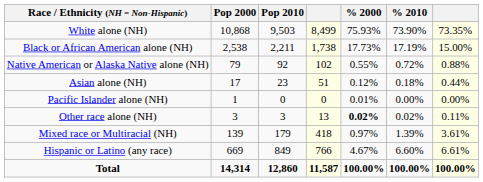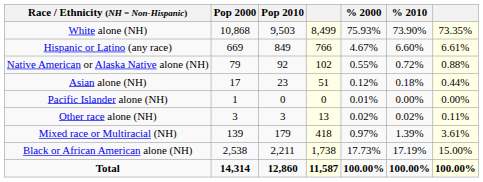 <table class="wikitable" style="text-align:center;">
 <tr>
 <th>Race / Ethnicity <small>(<em>NH = Non-Hispanic</em>)</small></th>
 <th>Pop 2000</th>
 <th>Pop 2010</th>
 <th></th>
 <th>% 2000</th>
 <th>% 2010</th>
 <th></th>
 </tr>
 <tr>
 <td><a href='#'>White</a> alone (NH)</td>
 <td>10,868</td>
 <td>9,503</td>
 <td style='background: #ffffe6;'>8,499</td>
 <td>75.93%</td>
 <td>73.90%</td>
 <td style='background: #ffffe6;'>73.35%</td>
 </tr>
 <tr>
-<td><a href='#'>Black or African American</a> alone (NH)</td>
-<td>2,538</td>
-<td>2,211</td>
-<td style='background: #ffffe6;'>1,738</td>
-<td>17.73%</td>
-<td>17.19%</td>
-<td style='background: #ffffe6;'>15.00%</td>
+<td><a href='#'>Hispanic or Latino</a> (any race)</td>
+<td>669</td>
+<td>849</td>
+<td style='background: #ffffe6;'>766</td>
+<td>4.67%</td>
+<td>6.60%</td>
+<td style='background: #ffffe6;'>6.61%</td>
 </tr>
 <tr>
 <td><a href='#'>Native American</a> or <a href='#'>Alaska Native</a> alone (NH)</td>
 <td>79</td>
 <td>92</td>
 <td style='background: #ffffe6;'>102</td>
 <td>0.55%</td>
 <td>0.72%</td>
 <td style='background: #ffffe6;'>0.88%</td>
 </tr>
 <tr>
 <td><a href='#'>Asian</a> alone (NH)</td>
 <td>17</td>
 <td>23</td>
 <td style='background: #ffffe6;'>51</td>
 <td>0.12%</td>
 <td>0.18%</td>
 <td style='background: #ffffe6;'>0.44%</td>
 </tr>
 <tr>
 <td><a href='#'>Pacific Islander</a> alone (NH)</td>
 <td>1</td>
 <td>0</td>
 <td style='background: #ffffe6;'>0</td>
 <td>0.01%</td>
 <td>0.00%</td>
 <td style='background: #ffffe6;'>0.00%</td>
 </tr>
 <tr>
 <td><a href='#'>Other race</a> alone (NH)</td>
 <td>3</td>
 <td>3</td>
 <td style='background: #ffffe6;'>13</td>
-<td><strong>0.02%</strong></td>
+<td>0.02%</td>
 <td>0.02%</td>
 <td style='background: #ffffe6;'>0.11%</td>
 </tr>
 <tr>
 <td><a href='#'>Mixed race or Multiracial</a> (NH)</td>
 <td>139</td>
 <td>179</td>
 <td style='background: #ffffe6;'>418</td>
 <td>0.97%</td>
 <td>1.39%</td>
 <td style='background: #ffffe6;'>3.61%</td>
 </tr>
 <tr>
-<td><a href='#'>Hispanic or Latino</a> (any race)</td>
-<td>669</td>
-<td>849</td>
-<td style='background: #ffffe6;'>766</td>
-<td>4.67%</td>
-<td>6.60%</td>
-<td style='background: #ffffe6;'>6.61%</td>
+<td><a href='#'>Black or African American</a> alone (NH)</td>
+<td>2,538</td>
+<td>2,211</td>
+<td style='background: #ffffe6;'>1,738</td>
+<td>17.73%</td>
+<td>17.19%</td>
+<td style='background: #ffffe6;'>15.00%</td>
 </tr>
 <tr>
 <td><strong>Total</strong></td>
 <td><strong>14,314</strong></td>
 <td><strong>12,860</strong></td>
 <td style='background: #ffffe6;'><strong>11,587</strong></td>
 <td><strong>100.00%</strong></td>
 <td><strong>100.00%</strong></td>
 <td style='background: #ffffe6;'><strong>100.00%</strong></td>
 </tr>
 </table>
